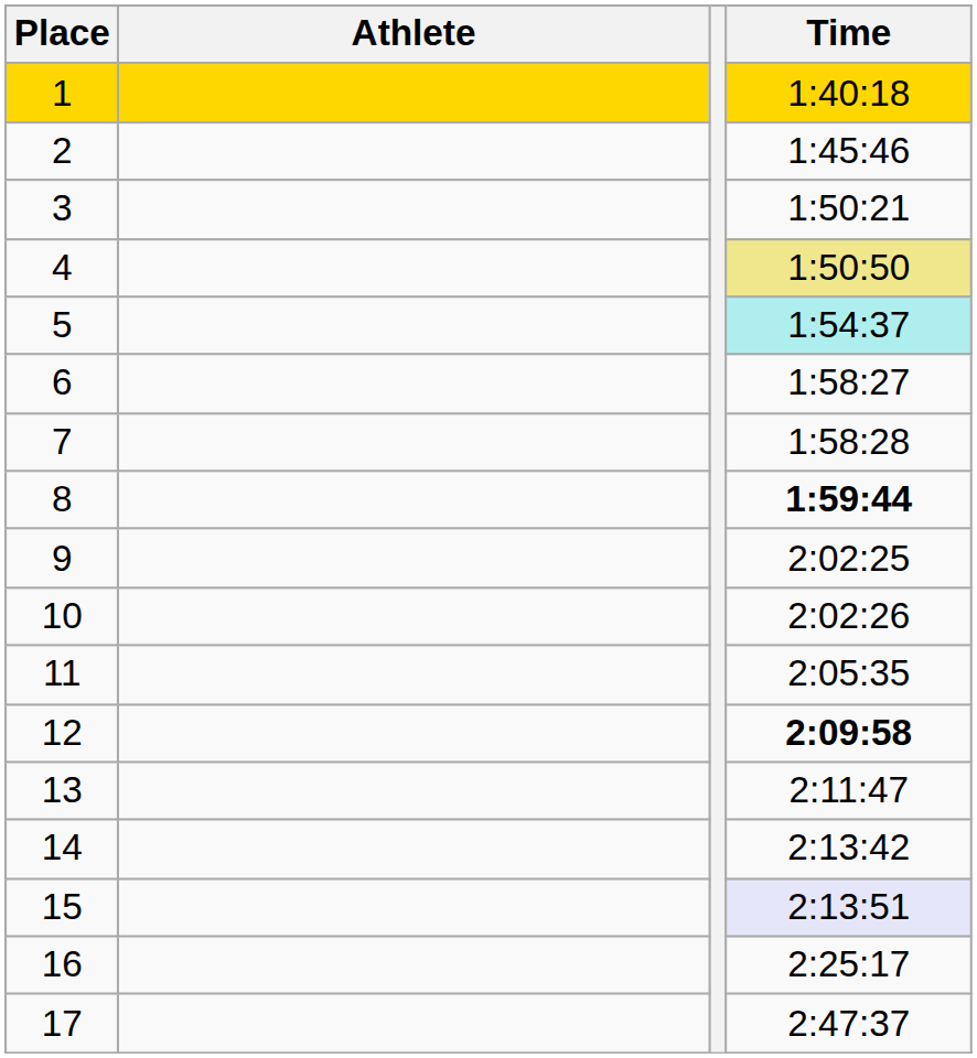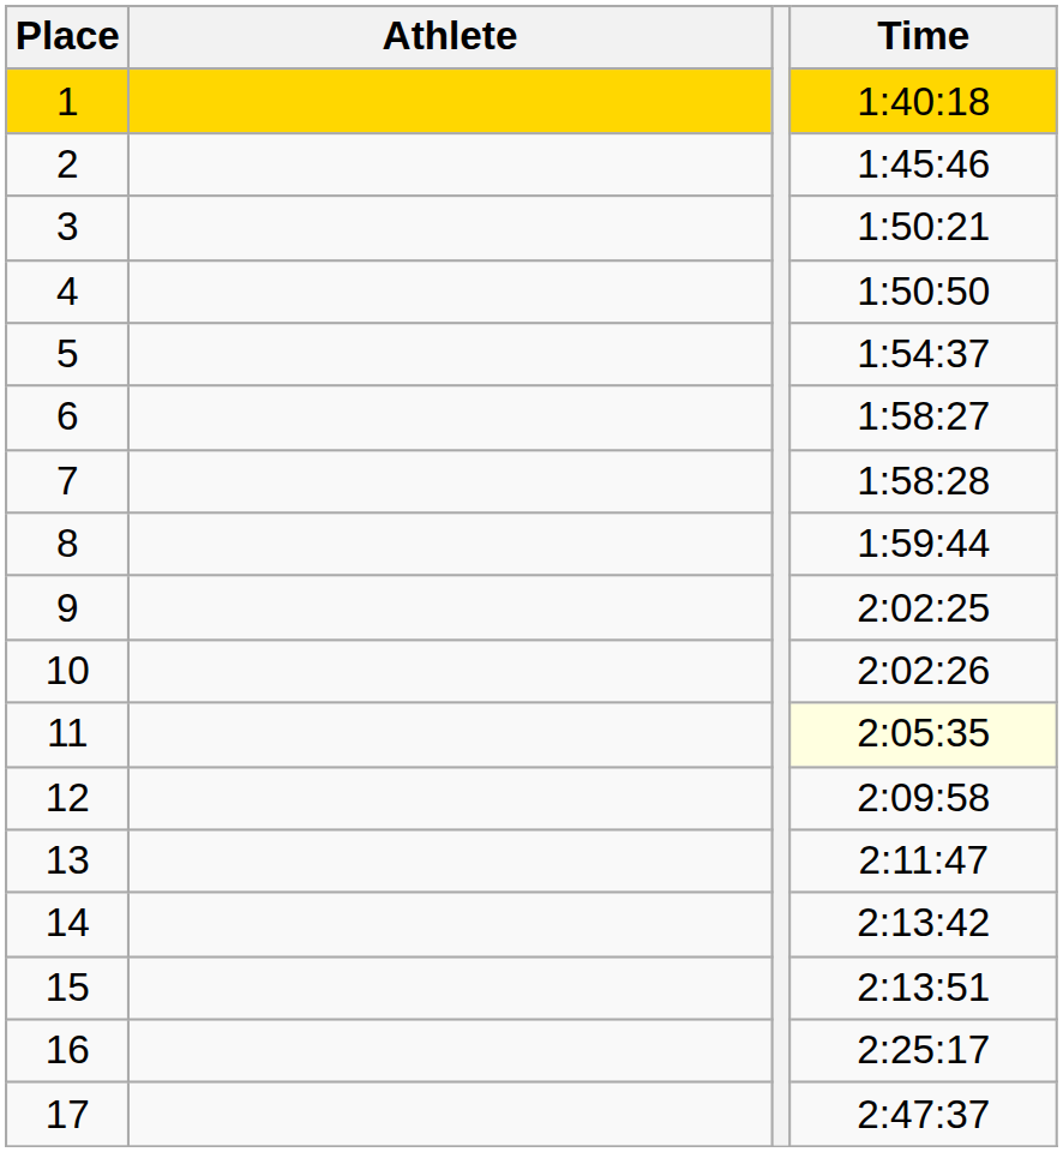 <table class="wikitable" style="text-align:center">
 <tr>
 <th>Place</th>
 <th width=250>Athlete</th>
 <th rowspan=27></th>
 <th width=100>Time</th>
 </tr>
 <tr bgcolor=gold>
 <td>1</td>
 <td align=left></td>
 <td>1:40:18</td>
 </tr>
 <tr>
 <td>2</td>
 <td align=left></td>
 <td>1:45:46</td>
 </tr>
 <tr>
 <td>3</td>
 <td align=left></td>
 <td>1:50:21</td>
 </tr>
 <tr>
 <td>4</td>
 <td align=left></td>
-<td style="background: khaki;">1:50:50</td>
+<td>1:50:50</td>
 </tr>
 <tr>
 <td>5</td>
 <td align=left></td>
-<td style="background: paleturquoise;">1:54:37</td>
+<td>1:54:37</td>
 </tr>
 <tr>
 <td>6</td>
 <td align=left></td>
 <td>1:58:27</td>
 </tr>
 <tr>
 <td>7</td>
 <td align=left></td>
 <td>1:58:28</td>
 </tr>
 <tr>
 <td>8</td>
 <td align=left></td>
-<td><strong>1:59:44</strong></td>
+<td>1:59:44</td>
 </tr>
 <tr>
 <td>9</td>
 <td align=left></td>
 <td>2:02:25</td>
 </tr>
 <tr>
 <td>10</td>
 <td align=left></td>
 <td>2:02:26</td>
 </tr>
 <tr>
 <td>11</td>
 <td align=left></td>
-<td>2:05:35</td>
+<td style="background: lightyellow;">2:05:35</td>
 </tr>
 <tr>
 <td>12</td>
 <td align=left></td>
-<td><strong>2:09:58</strong></td>
+<td>2:09:58</td>
 </tr>
 <tr>
 <td>13</td>
 <td align=left></td>
 <td>2:11:47</td>
 </tr>
 <tr>
 <td>14</td>
 <td align=left></td>
 <td>2:13:42</td>
 </tr>
 <tr>
 <td>15</td>
 <td align=left></td>
-<td style="background: lavender;">2:13:51</td>
+<td>2:13:51</td>
 </tr>
 <tr>
 <td>16</td>
 <td align=left></td>
 <td>2:25:17</td>
 </tr>
 <tr>
 <td>17</td>
 <td align=left></td>
 <td>2:47:37</td>
 </tr>
 <tr>
 </tr>
 </table>
